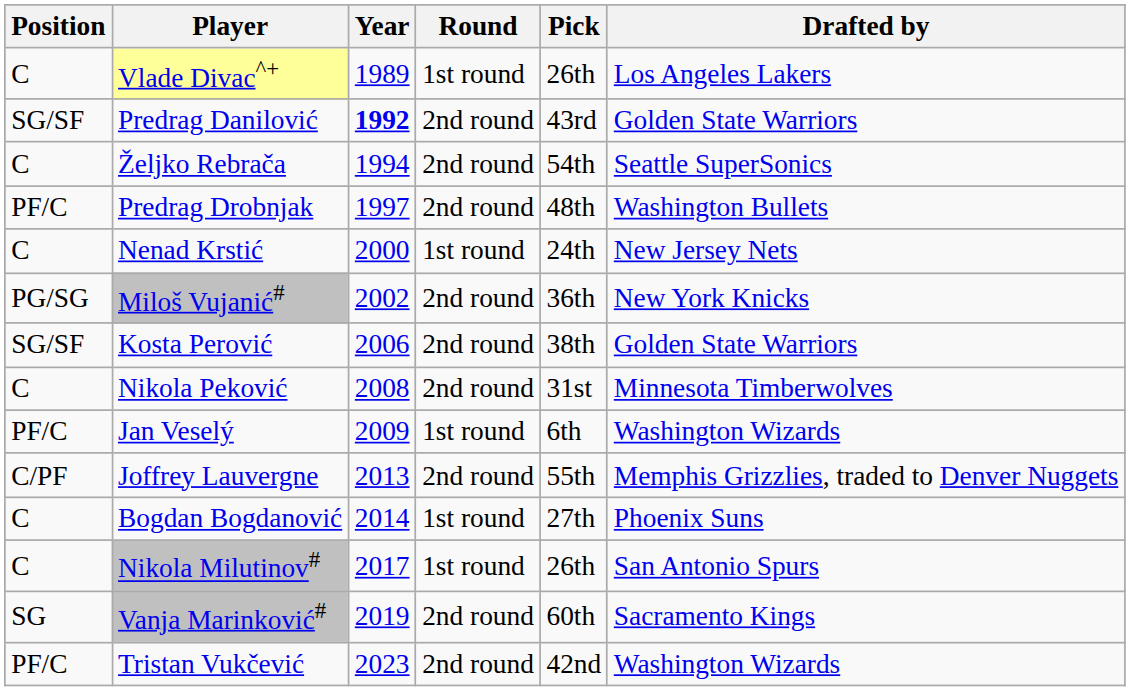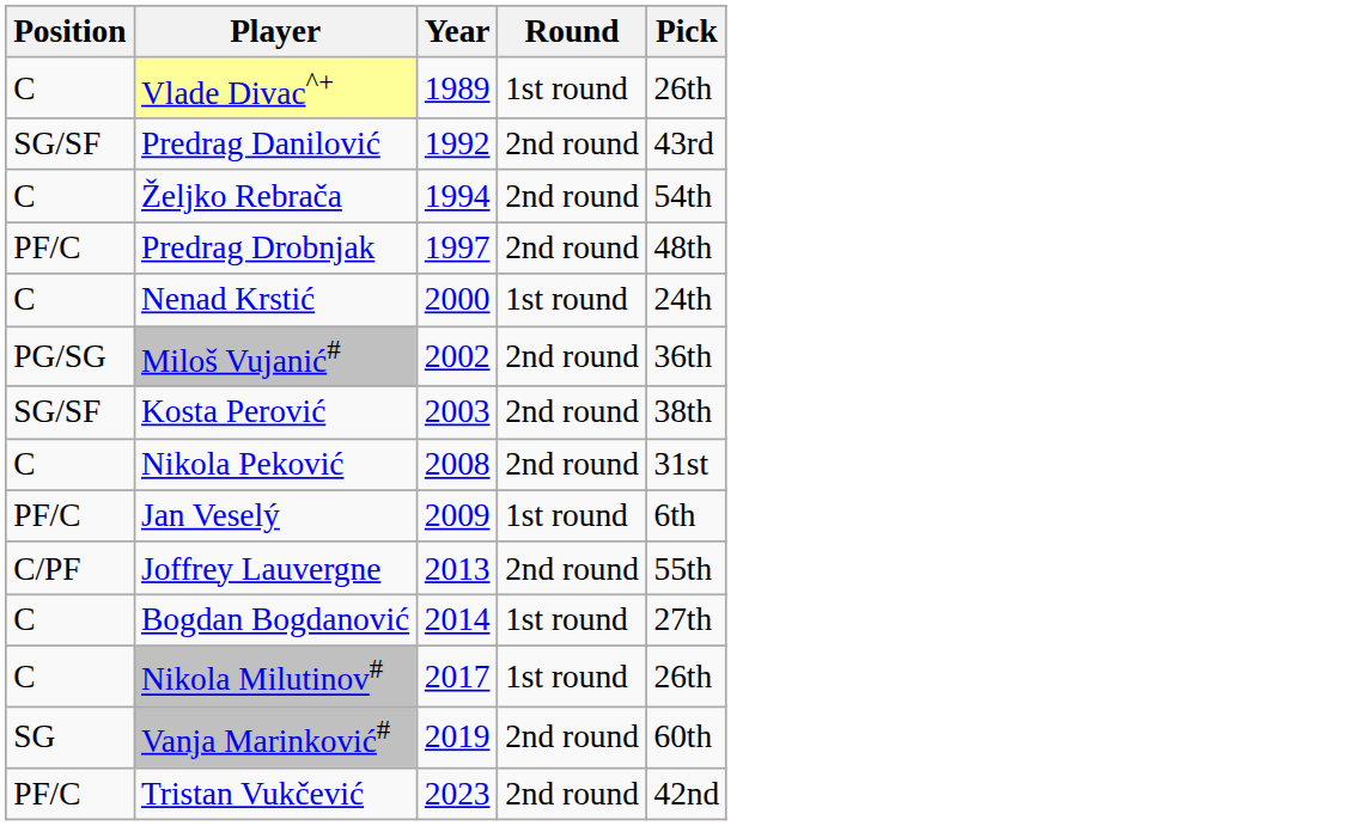 <table class="wikitable sortable" style="text-align: left;">
 <tr>
 <th>Position</th>
 <th>Player</th>
 <th>Year</th>
 <th>Round</th>
 <th>Pick</th>
-<th>Drafted by</th>
 </tr>
 <tr>
 <td>C</td>
 <td bgcolor="#FFFF99"> <a href='#'>Vlade Divac</a><sup>^+</sup></td>
 <td><a href='#'>1989</a></td>
 <td>1st round</td>
 <td>26th</td>
-<td><a href='#'>Los Angeles Lakers</a></td>
 </tr>
 <tr>
 <td>SG/SF</td>
 <td> <a href='#'>Predrag Danilović</a></td>
-<td><strong><a href='#'>1992</a></strong></td>
+<td><a href='#'>1992</a></td>
 <td>2nd round</td>
 <td>43rd</td>
-<td><a href='#'>Golden State Warriors</a></td>
 </tr>
 <tr>
 <td>C</td>
 <td> <a href='#'>Željko Rebrača</a></td>
 <td><a href='#'>1994</a></td>
 <td>2nd round</td>
 <td>54th</td>
-<td><a href='#'>Seattle SuperSonics</a></td>
 </tr>
 <tr>
 <td>PF/C</td>
 <td> <a href='#'>Predrag Drobnjak</a></td>
 <td><a href='#'>1997</a></td>
 <td>2nd round</td>
 <td>48th</td>
-<td><a href='#'>Washington Bullets</a></td>
 </tr>
 <tr>
 <td>C</td>
 <td> <a href='#'>Nenad Krstić</a></td>
 <td><a href='#'>2000</a></td>
 <td>1st round</td>
 <td>24th</td>
-<td><a href='#'>New Jersey Nets</a></td>
 </tr>
 <tr>
 <td>PG/SG</td>
 <td style="background:silver;"> <a href='#'>Miloš Vujanić</a><sup>#</sup></td>
 <td><a href='#'>2002</a></td>
 <td>2nd round</td>
 <td>36th</td>
-<td><a href='#'>New York Knicks</a></td>
 </tr>
 <tr>
 <td>SG/SF</td>
 <td> <a href='#'>Kosta Perović</a></td>
-<td><a href='#'>2006</a></td>
+<td><a href='#'>2003</a></td>
 <td>2nd round</td>
 <td>38th</td>
-<td><a href='#'>Golden State Warriors</a></td>
 </tr>
 <tr>
 <td>C</td>
 <td> <a href='#'>Nikola Peković</a></td>
 <td><a href='#'>2008</a></td>
 <td>2nd round</td>
 <td>31st</td>
-<td><a href='#'>Minnesota Timberwolves</a></td>
 </tr>
 <tr>
 <td>PF/C</td>
 <td> <a href='#'>Jan Veselý</a></td>
 <td><a href='#'>2009</a></td>
 <td>1st round</td>
 <td>6th</td>
-<td><a href='#'>Washington Wizards</a></td>
 </tr>
 <tr>
 <td>C/PF</td>
 <td> <a href='#'>Joffrey Lauvergne</a></td>
 <td><a href='#'>2013</a></td>
 <td>2nd round</td>
 <td>55th</td>
-<td><a href='#'>Memphis Grizzlies</a>, traded to <a href='#'>Denver Nuggets</a></td>
 </tr>
 <tr>
 <td>C</td>
 <td> <a href='#'>Bogdan Bogdanović</a></td>
 <td><a href='#'>2014</a></td>
 <td>1st round</td>
 <td>27th</td>
-<td><a href='#'>Phoenix Suns</a></td>
 </tr>
 <tr>
 <td>C</td>
 <td style="background:silver;"> <a href='#'>Nikola Milutinov</a><sup>#</sup></td>
 <td><a href='#'>2017</a></td>
 <td>1st round</td>
 <td>26th</td>
-<td><a href='#'>San Antonio Spurs</a></td>
 </tr>
 <tr>
 <td>SG</td>
 <td style="background:silver;"> <a href='#'>Vanja Marinković</a><sup>#</sup></td>
 <td><a href='#'>2019</a></td>
 <td>2nd round</td>
 <td>60th</td>
-<td><a href='#'>Sacramento Kings</a></td>
 </tr>
 <tr>
 <td>PF/C</td>
 <td> <a href='#'>Tristan Vukčević</a></td>
 <td><a href='#'>2023</a></td>
 <td>2nd round</td>
 <td>42nd</td>
-<td><a href='#'>Washington Wizards</a></td>
 </tr>
 </table>
